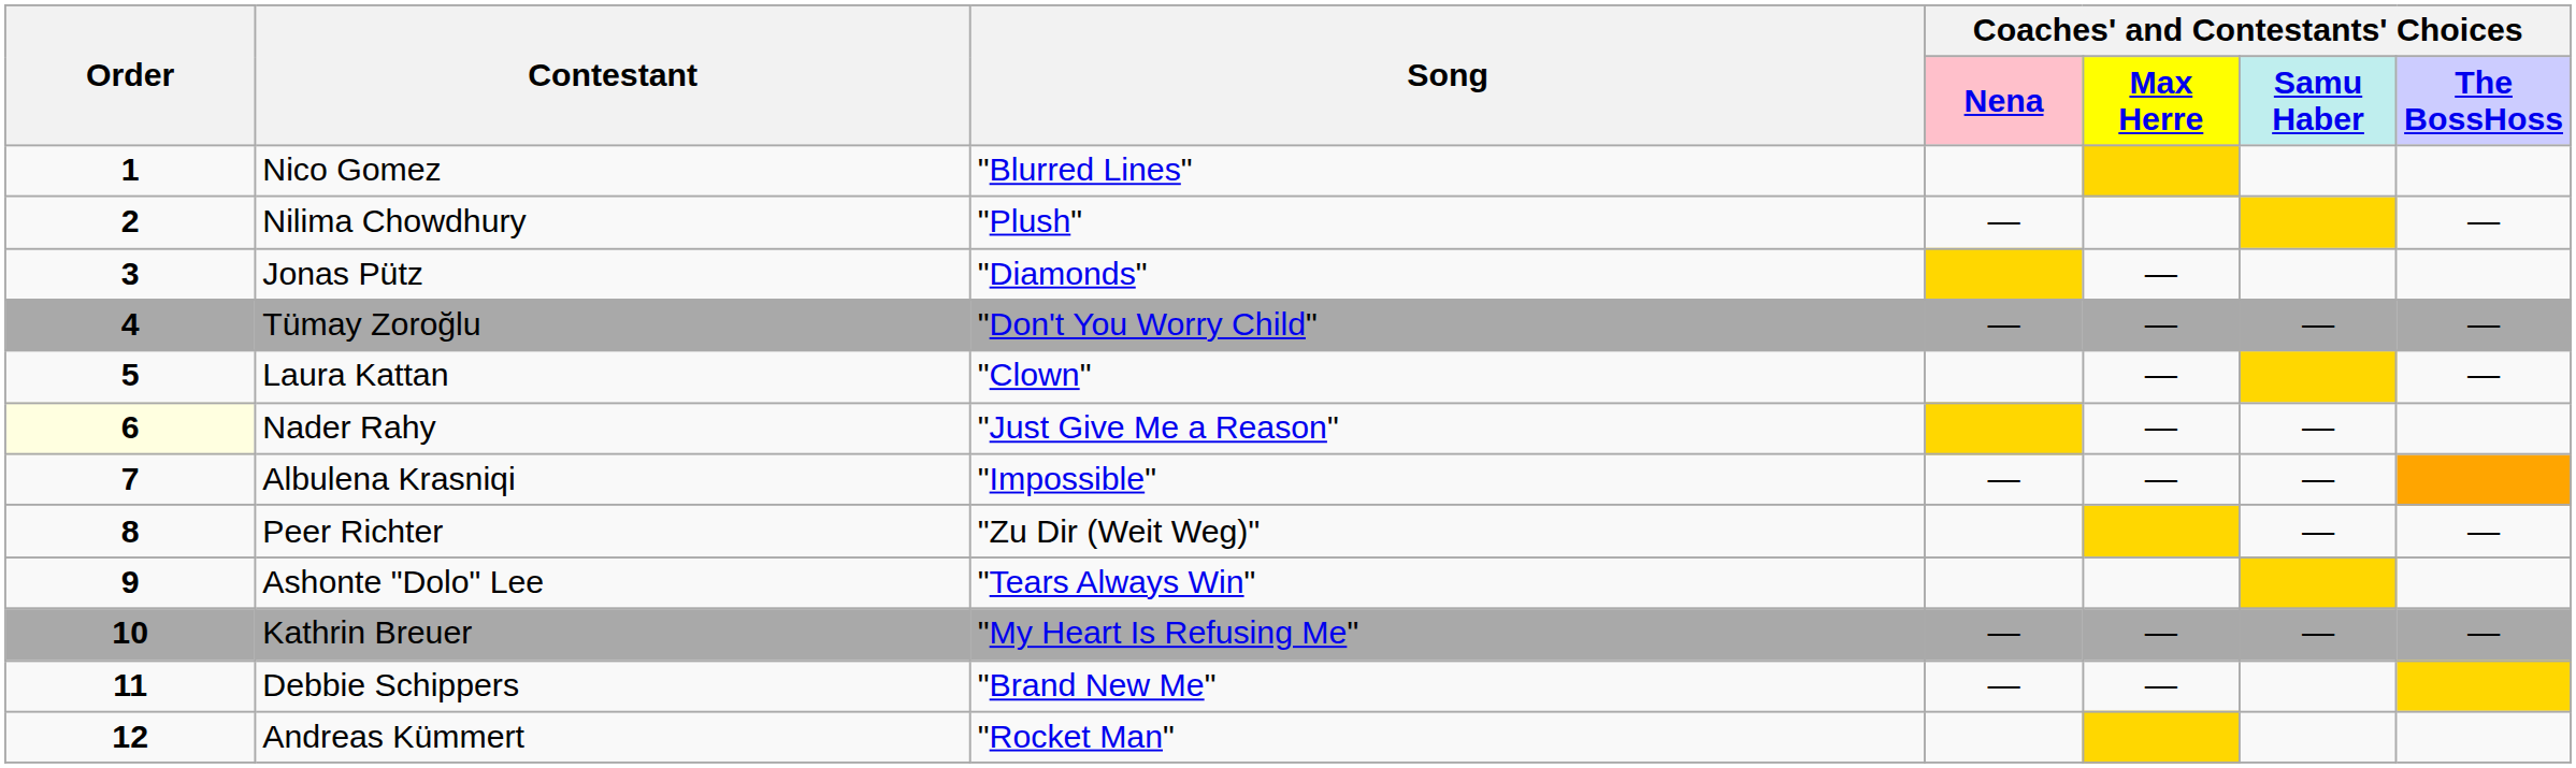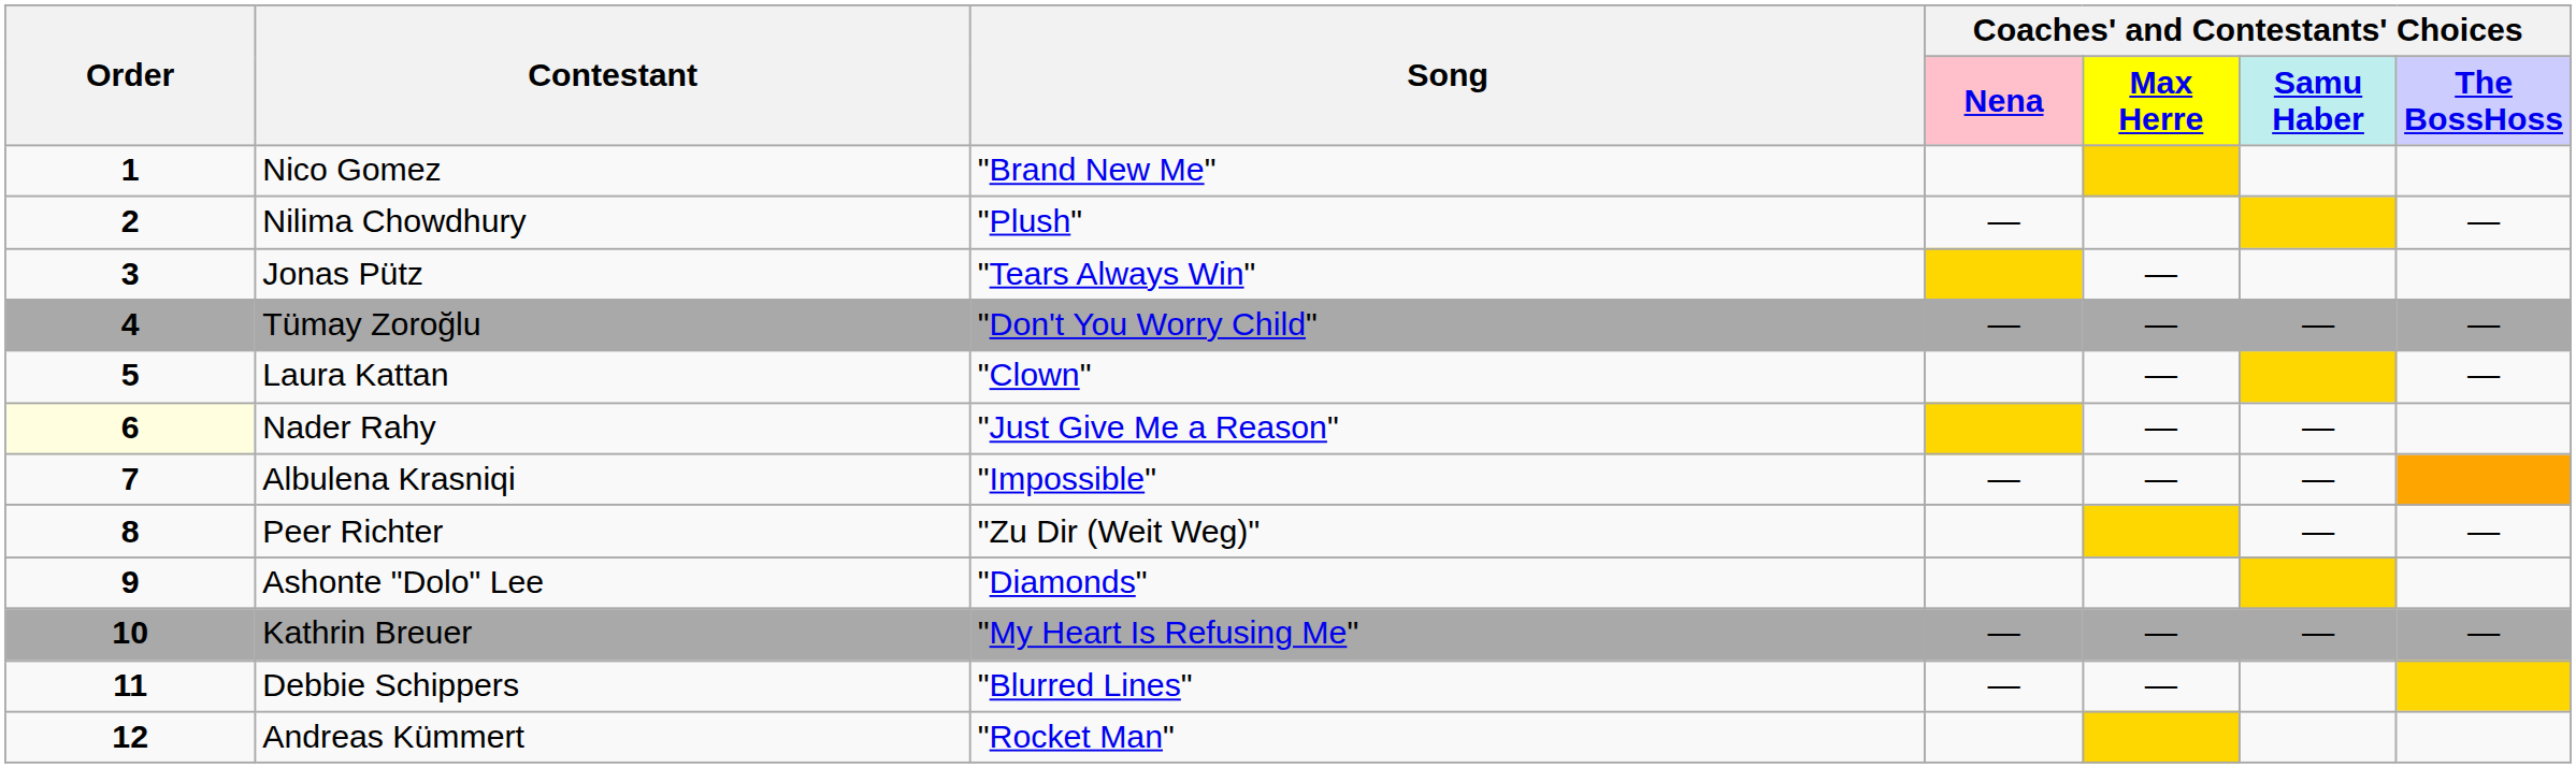 <table class="wikitable" style="width:100%;">
 <tr>
 <th rowspan=2>Order</th>
 <th rowspan=2>Contestant</th>
 <th rowspan=2>Song</th>
 <th colspan=4>Coaches' and Contestants' Choices</th>
 </tr>
 <tr>
 <th style="background-color:pink" width="70"><a href='#'>Nena</a></th>
 <th style="background-color: yellow" width="70"><a href='#'>Max Herre</a></th>
 <th style="background-color:#bfeeee" width="70"><a href='#'>Samu Haber</a></th>
 <th style="background-color:#ccf" width="70"><a href='#'>The BossHoss</a></th>
 </tr>
 <tr>
 <td align="center"><strong>1</strong></td>
 <td>Nico Gomez</td>
-<td>"<a href='#'>Blurred Lines</a>"</td>
+<td>"<a href='#'>Brand New Me</a>"</td>
 <td style=";text-align:center;"></td>
 <td style="background:gold;text-align:center;"></td>
 <td style=";text-align:center;"></td>
 <td style=";text-align:center;"></td>
 </tr>
 <tr>
 <td align="center"><strong>2</strong></td>
 <td>Nilima Chowdhury</td>
 <td>"<a href='#'>Plush</a>"</td>
 <td align="center">—</td>
 <td style=";text-align:center;"></td>
 <td style="background:gold;text-align:center;"></td>
 <td align="center">—</td>
 </tr>
 <tr>
 <td align="center"><strong>3</strong></td>
 <td>Jonas Pütz</td>
-<td>"<a href='#'>Diamonds</a>"</td>
+<td>"<a href='#'>Tears Always Win</a>"</td>
 <td style="background:gold;text-align:center;"></td>
 <td align="center">—</td>
 <td style=";text-align:center;"></td>
 <td style=";text-align:center;"></td>
 </tr>
 <tr bgcolor=darkgrey>
 <td align="center"><strong>4</strong></td>
 <td>Tümay Zoroğlu</td>
 <td>"<a href='#'>Don't You Worry Child</a>"</td>
 <td align="center">—</td>
 <td align="center">—</td>
 <td align="center">—</td>
 <td align="center">—</td>
 </tr>
 <tr>
 <td align="center"><strong>5</strong></td>
 <td>Laura Kattan</td>
 <td>"<a href='#'>Clown</a>"</td>
 <td style=";text-align:center;"></td>
 <td align="center">—</td>
 <td style="background:gold;text-align:center;"></td>
 <td align="center">—</td>
 </tr>
 <tr>
 <td align="center" style="background: lightyellow;"><strong>6</strong></td>
 <td>Nader Rahy</td>
 <td>"<a href='#'>Just Give Me a Reason</a>"</td>
 <td style="background:gold;text-align:center;"></td>
 <td align="center">—</td>
 <td align="center">—</td>
 <td style=";text-align:center;"></td>
 </tr>
 <tr>
 <td align="center"><strong>7</strong></td>
 <td>Albulena Krasniqi</td>
 <td>"<a href='#'>Impossible</a>"</td>
 <td align="center">—</td>
 <td align="center">—</td>
 <td align="center">—</td>
 <td style="background:orange;text-align:center;"></td>
 </tr>
 <tr>
 <td align="center"><strong>8</strong></td>
 <td>Peer Richter</td>
 <td>"Zu Dir (Weit Weg)"</td>
 <td style=";text-align:center;"></td>
 <td style="background:gold;text-align:center;"></td>
 <td align="center">—</td>
 <td align="center">—</td>
 </tr>
 <tr>
 <td align="center"><strong>9</strong></td>
 <td>Ashonte "Dolo" Lee</td>
-<td>"<a href='#'>Tears Always Win</a>"</td>
+<td>"<a href='#'>Diamonds</a>"</td>
 <td style=";text-align:center;"></td>
 <td style=";text-align:center;"></td>
 <td style="background:gold;text-align:center;"></td>
 <td style=";text-align:center;"></td>
 </tr>
 <tr bgcolor=darkgrey>
 <td align="center"><strong>10</strong></td>
 <td>Kathrin Breuer</td>
 <td>"<a href='#'>My Heart Is Refusing Me</a>"</td>
 <td align="center">—</td>
 <td align="center">—</td>
 <td align="center">—</td>
 <td align="center">—</td>
 </tr>
 <tr>
 <td align="center"><strong>11</strong></td>
 <td>Debbie Schippers</td>
-<td>"<a href='#'>Brand New Me</a>"</td>
+<td>"<a href='#'>Blurred Lines</a>"</td>
 <td align="center">—</td>
 <td align="center">—</td>
 <td style=";text-align:center;"></td>
 <td style="background:gold;text-align:center;"></td>
 </tr>
 <tr>
 <td align="center"><strong>12</strong></td>
 <td>Andreas Kümmert</td>
 <td>"<a href='#'>Rocket Man</a>"</td>
 <td style="text-align:center;"></td>
 <td style="background:gold;text-align:center;"></td>
 <td style="text-align:center;"></td>
 <td style="text-align:center;"></td>
 </tr>
 </table>
